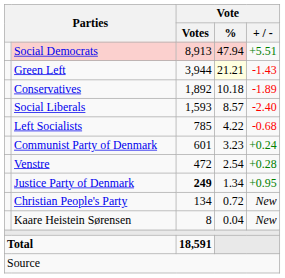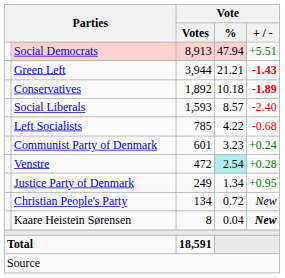 <table class="wikitable" style="text-align:right;">
 <tr>
 <th style="text-align:centre;" rowspan="2" colspan="2" width="225">Parties</th>
 <th colspan="3">Vote</th>
 </tr>
 <tr>
 <th width="15">Votes</th>
 <th width="15">%</th>
 <th width="15">+ / -</th>
 </tr>
 <tr>
 <td width="2" style="color:inherit;background:"></td>
 <td bgcolor=#fbd0ce  align="left"><a href='#'>Social Democrats</a></td>
 <td bgcolor=#fbd0ce>8,913</td>
 <td bgcolor=#fbd0ce>47.94</td>
 <td style=color:green;>+5.51</td>
 </tr>
 <tr>
 <td width="2" style="color:inherit;background:"></td>
 <td align="left"><a href='#'>Green Left</a></td>
 <td>3,944</td>
-<td style="background: lightyellow;">21.21</td>
-<td style=color:red;>-1.43</td>
+<td>21.21</td>
+<td style=color:red;><strong>-1.43</strong></td>
 </tr>
 <tr>
 <td width="2" style="color:inherit;background:"></td>
 <td align="left"><a href='#'>Conservatives</a></td>
 <td>1,892</td>
 <td>10.18</td>
-<td style=color:red;>-1.89</td>
+<td style=color:red;><strong>-1.89</strong></td>
 </tr>
 <tr>
 <td width="2" style="color:inherit;background:"></td>
 <td align="left"><a href='#'>Social Liberals</a></td>
 <td>1,593</td>
 <td>8.57</td>
 <td style=color:red;>-2.40</td>
 </tr>
 <tr>
 <td width="2" style="color:inherit;background:"></td>
 <td align="left"><a href='#'>Left Socialists</a></td>
 <td>785</td>
 <td>4.22</td>
 <td style=color:red;>-0.68</td>
 </tr>
 <tr>
 <td width="2" style="color:inherit;background:"></td>
 <td align="left"><a href='#'>Communist Party of Denmark</a></td>
 <td>601</td>
 <td>3.23</td>
 <td style=color:green;>+0.24</td>
 </tr>
 <tr>
 <td width="2" style="color:inherit;background:"></td>
 <td align="left"><a href='#'>Venstre</a></td>
 <td>472</td>
-<td>2.54</td>
+<td style="background: paleturquoise;">2.54</td>
 <td style=color:green;>+0.28</td>
 </tr>
 <tr>
 <td width="2" style="color:inherit;background:"></td>
 <td align="left"><a href='#'>Justice Party of Denmark</a></td>
-<td><strong>249</strong></td>
+<td>249</td>
 <td>1.34</td>
 <td style=color:green;>+0.95</td>
 </tr>
 <tr>
 <td width="2" style="color:inherit;background:"></td>
 <td align="left"><a href='#'>Christian People's Party</a></td>
 <td>134</td>
 <td>0.72</td>
 <td><em>New</em></td>
 </tr>
 <tr>
 <td width="2" style="color:inherit;background:"></td>
 <td align="left">Kaare Heistein Sørensen</td>
 <td>8</td>
 <td>0.04</td>
-<td><em>New</em></td>
+<td><strong><em>New</em></strong></td>
 </tr>
 <tr>
 <td colspan="7" bgcolor="#E9E9E9"></td>
 </tr>
 <tr>
 <td align="left" colspan="2"><strong>Total</strong></td>
 <td><strong>18,591</strong></td>
 <td bgcolor="#E9E9E9" colspan="2"></td>
 </tr>
 <tr>
 <td align="left" colspan="6">Source</td>
 </tr>
 </table>
